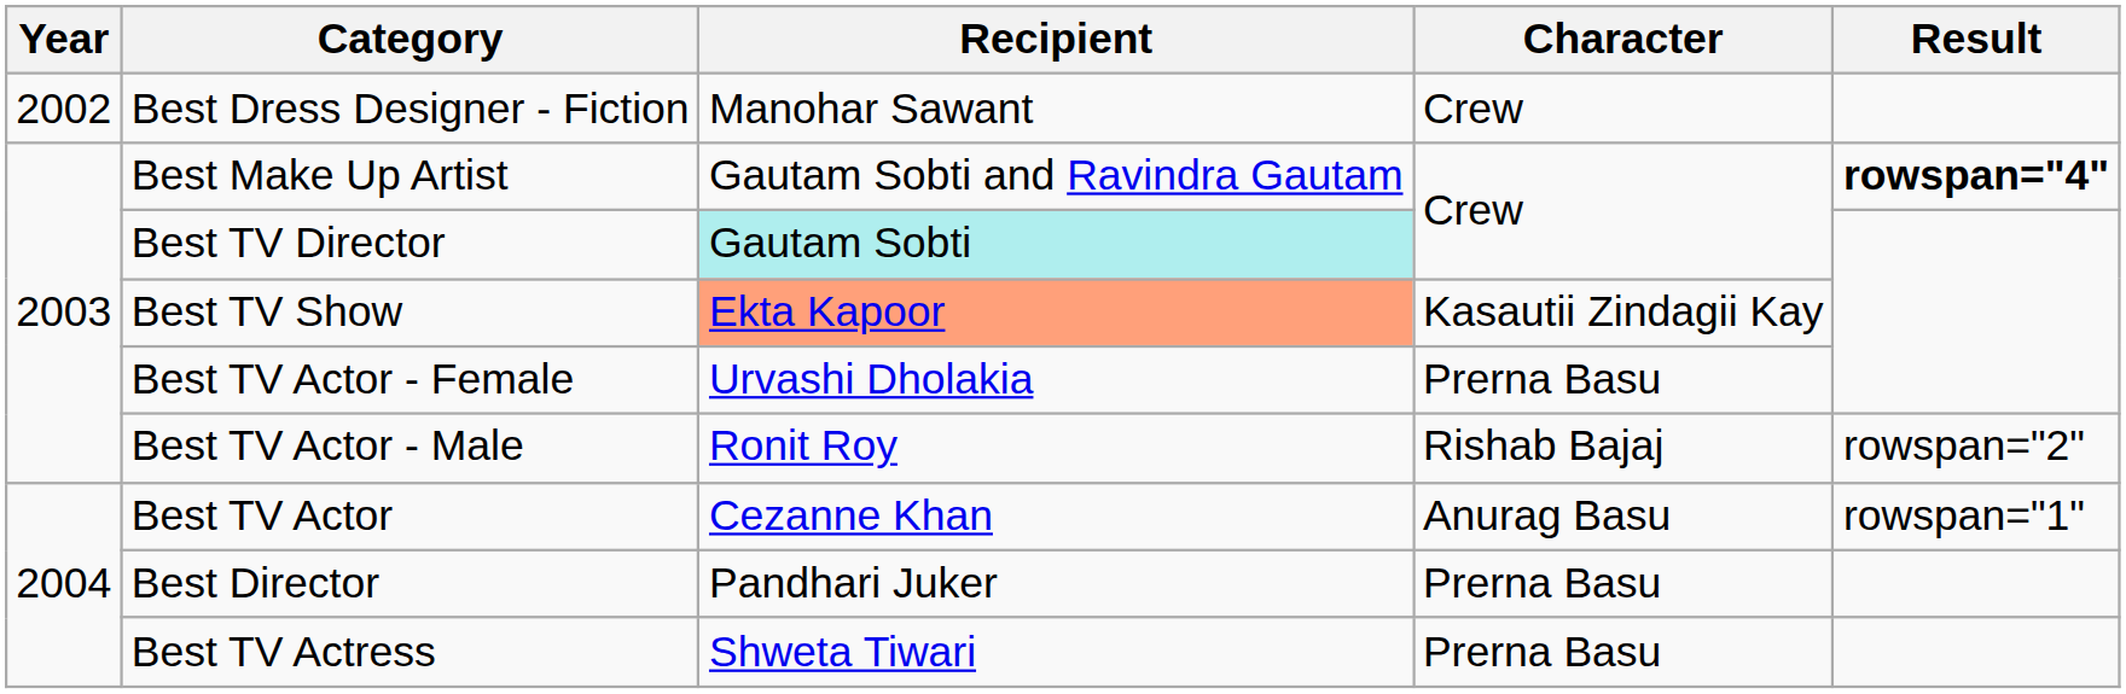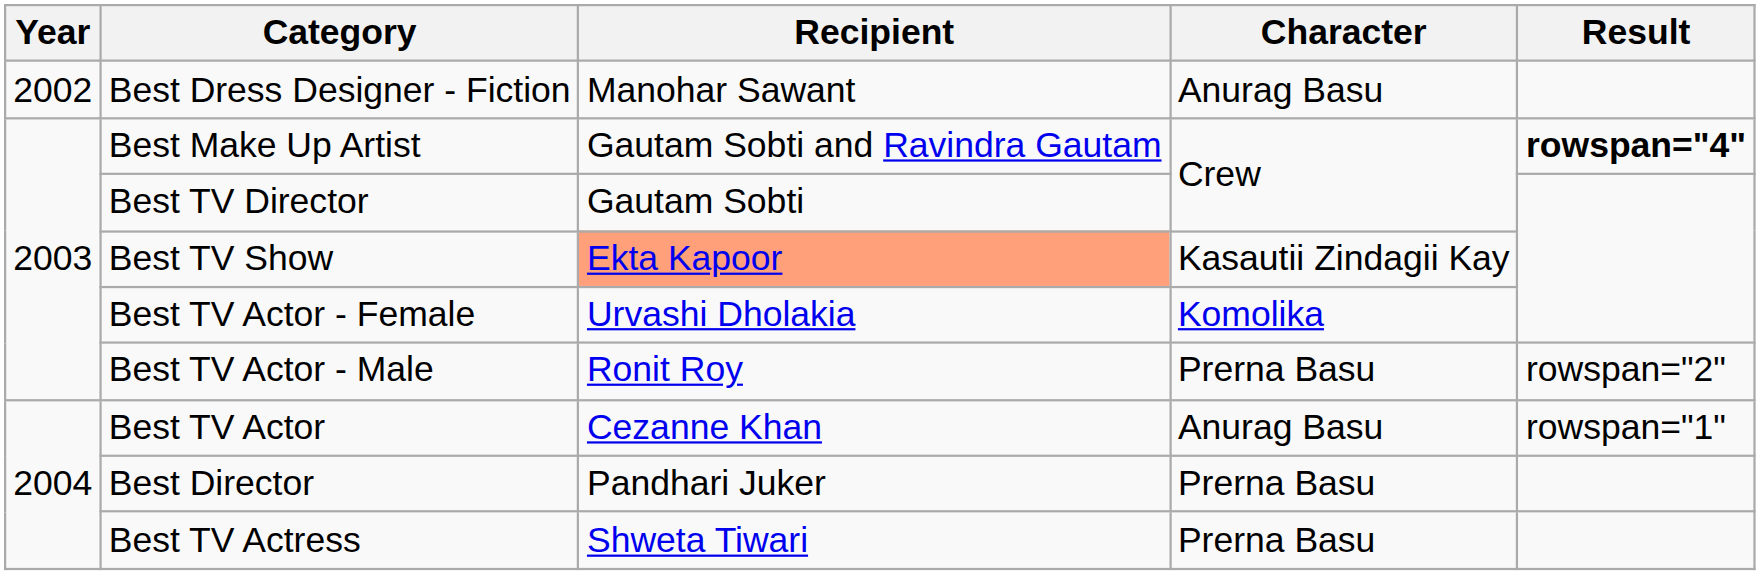 <table class="wikitable sortable">
 <tr>
 <th>Year</th>
 <th>Category</th>
 <th>Recipient</th>
 <th>Character</th>
 <th>Result</th>
 </tr>
 <tr>
 <td>2002</td>
 <td>Best Dress Designer - Fiction</td>
 <td>Manohar Sawant</td>
-<td>Crew</td>
+<td>Anurag Basu</td>
 <td> </td>
 </tr>
 <tr>
 <td rowspan="5">2003</td>
 <td>Best Make Up Artist</td>
 <td>Gautam Sobti and <a href='#'>Ravindra Gautam</a></td>
 <td rowspan="2">Crew</td>
 <td><strong>rowspan="4"  </strong></td>
 </tr>
 <tr>
 <td>Best TV Director</td>
-<td style="background: paleturquoise;">Gautam Sobti</td>
+<td>Gautam Sobti</td>
 </tr>
 <tr>
 <td>Best TV Show</td>
 <td style="background: lightsalmon;"><a href='#'>Ekta Kapoor</a></td>
 <td>Kasautii Zindagii Kay</td>
 </tr>
 <tr>
 <td>Best TV Actor - Female</td>
 <td><a href='#'>Urvashi Dholakia</a></td>
-<td>Prerna Basu</td>
+<td><a href='#'>Komolika</a></td>
 </tr>
 <tr>
 <td>Best TV Actor - Male</td>
 <td><a href='#'>Ronit Roy</a></td>
-<td>Rishab Bajaj</td>
+<td>Prerna Basu</td>
 <td>rowspan="2"  </td>
 </tr>
 <tr>
 <td rowspan="3">2004</td>
 <td>Best TV Actor</td>
 <td><a href='#'>Cezanne Khan</a></td>
 <td>Anurag Basu</td>
 <td>rowspan="1" </td>
 </tr>
 <tr>
 <td>Best Director</td>
 <td>Pandhari Juker</td>
 <td>Prerna Basu</td>
 </tr>
 <tr>
 <td>Best TV Actress</td>
 <td><a href='#'>Shweta Tiwari</a></td>
 <td>Prerna Basu</td>
 <td></td>
 </tr>
 </table>
